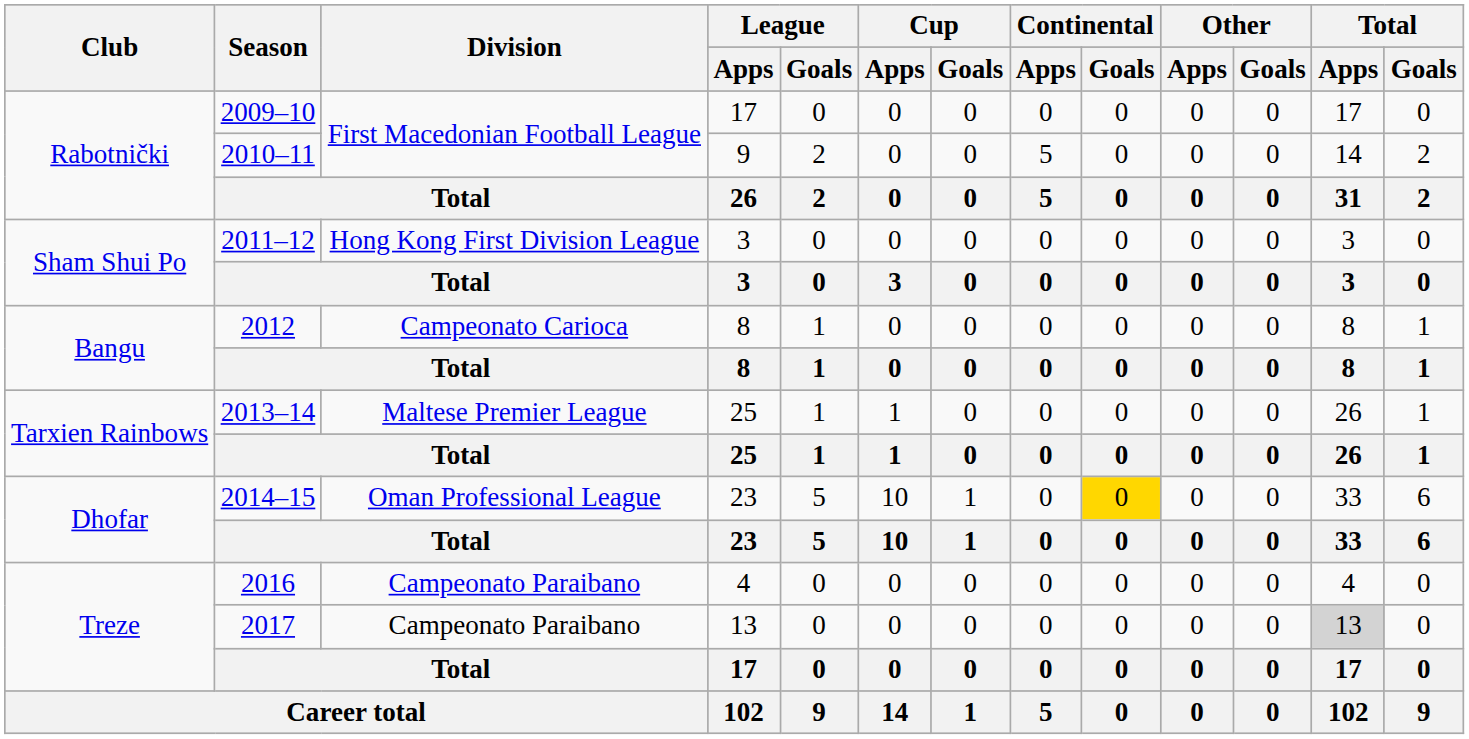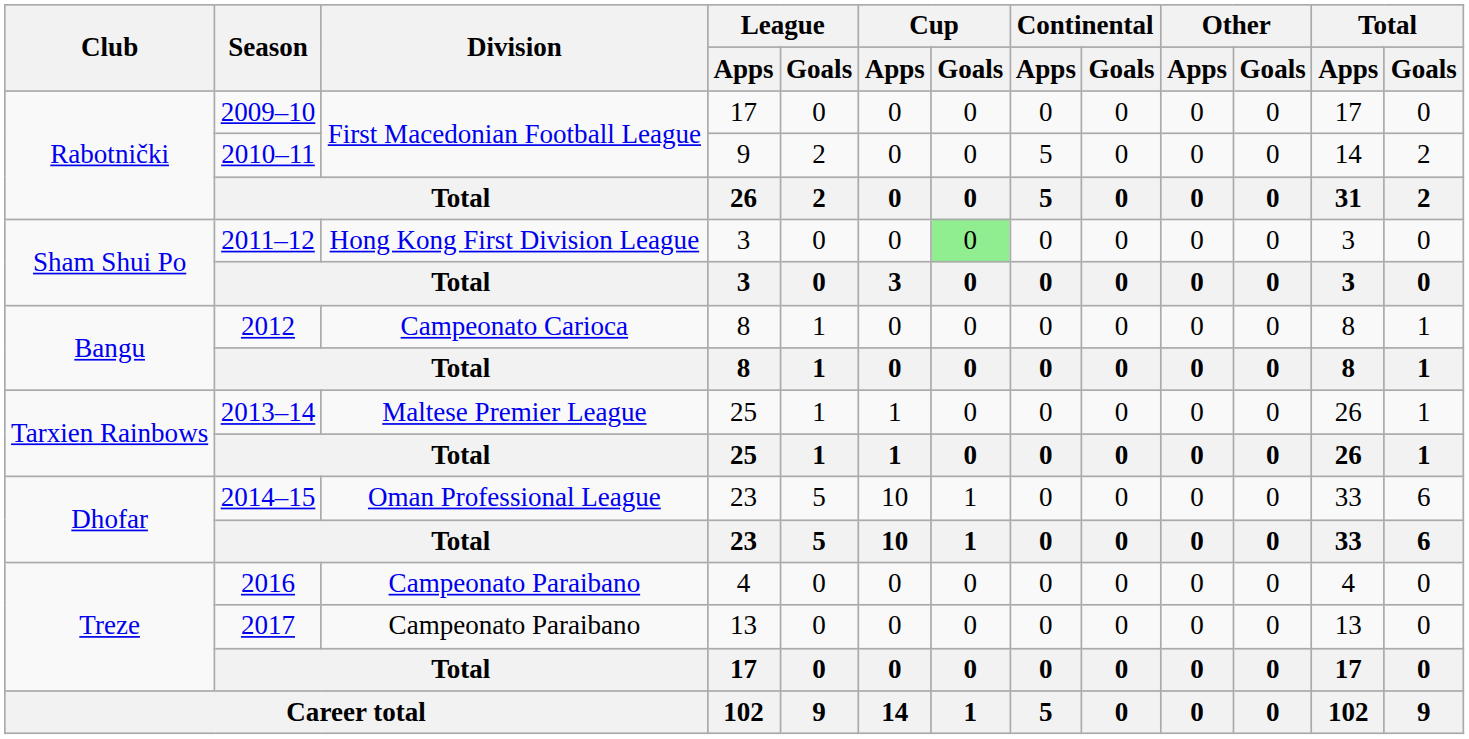 <table class="wikitable" style="text-align: center;">
 <tr>
 <th rowspan="2">Club</th>
 <th rowspan="2">Season</th>
 <th rowspan="2">Division</th>
 <th colspan="2">League</th>
 <th colspan="2">Cup</th>
 <th colspan="2">Continental</th>
 <th colspan="2">Other</th>
 <th colspan="2">Total</th>
 </tr>
 <tr>
 <th>Apps</th>
 <th>Goals</th>
 <th>Apps</th>
 <th>Goals</th>
 <th>Apps</th>
 <th>Goals</th>
 <th>Apps</th>
 <th>Goals</th>
 <th>Apps</th>
 <th>Goals</th>
 </tr>
 <tr>
 <td rowspan="3"><a href='#'>Rabotnički</a></td>
 <td><a href='#'>2009–10</a></td>
 <td rowspan="2"><a href='#'>First Macedonian Football League</a></td>
 <td>17</td>
 <td>0</td>
 <td>0</td>
 <td>0</td>
 <td>0</td>
 <td>0</td>
 <td>0</td>
 <td>0</td>
 <td>17</td>
 <td>0</td>
 </tr>
 <tr>
 <td><a href='#'>2010–11</a></td>
 <td>9</td>
 <td>2</td>
 <td>0</td>
 <td>0</td>
 <td>5</td>
 <td>0</td>
 <td>0</td>
 <td>0</td>
 <td>14</td>
 <td>2</td>
 </tr>
 <tr>
 <th colspan="2">Total</th>
 <th>26</th>
 <th>2</th>
 <th>0</th>
 <th>0</th>
 <th>5</th>
 <th>0</th>
 <th>0</th>
 <th>0</th>
 <th>31</th>
 <th>2</th>
 </tr>
 <tr>
 <td rowspan="2"><a href='#'>Sham Shui Po</a></td>
 <td><a href='#'>2011–12</a></td>
 <td rowspan="1"><a href='#'>Hong Kong First Division League</a></td>
 <td>3</td>
 <td>0</td>
 <td>0</td>
-<td>0</td>
+<td style="background: lightgreen;">0</td>
 <td>0</td>
 <td>0</td>
 <td>0</td>
 <td>0</td>
 <td>3</td>
 <td>0</td>
 </tr>
 <tr>
 <th colspan="2">Total</th>
 <th>3</th>
 <th>0</th>
 <th>3</th>
 <th>0</th>
 <th>0</th>
 <th>0</th>
 <th>0</th>
 <th>0</th>
 <th>3</th>
 <th>0</th>
 </tr>
 <tr>
 <td rowspan="2"><a href='#'>Bangu</a></td>
 <td><a href='#'>2012</a></td>
 <td rowspan="1"><a href='#'>Campeonato Carioca</a></td>
 <td>8</td>
 <td>1</td>
 <td>0</td>
 <td>0</td>
 <td>0</td>
 <td>0</td>
 <td>0</td>
 <td>0</td>
 <td>8</td>
 <td>1</td>
 </tr>
 <tr>
 <th colspan="2">Total</th>
 <th>8</th>
 <th>1</th>
 <th>0</th>
 <th>0</th>
 <th>0</th>
 <th>0</th>
 <th>0</th>
 <th>0</th>
 <th>8</th>
 <th>1</th>
 </tr>
 <tr>
 <td rowspan="2"><a href='#'>Tarxien Rainbows</a></td>
 <td><a href='#'>2013–14</a></td>
 <td rowspan="1"><a href='#'>Maltese Premier League</a></td>
 <td>25</td>
 <td>1</td>
 <td>1</td>
 <td>0</td>
 <td>0</td>
 <td>0</td>
 <td>0</td>
 <td>0</td>
 <td>26</td>
 <td>1</td>
 </tr>
 <tr>
 <th colspan="2">Total</th>
 <th>25</th>
 <th>1</th>
 <th>1</th>
 <th>0</th>
 <th>0</th>
 <th>0</th>
 <th>0</th>
 <th>0</th>
 <th>26</th>
 <th>1</th>
 </tr>
 <tr>
 <td rowspan="2"><a href='#'>Dhofar</a></td>
 <td><a href='#'>2014–15</a></td>
 <td rowspan="1"><a href='#'>Oman Professional League</a></td>
 <td>23</td>
 <td>5</td>
 <td>10</td>
 <td>1</td>
 <td>0</td>
-<td style="background: gold;">0</td>
+<td>0</td>
 <td>0</td>
 <td>0</td>
 <td>33</td>
 <td>6</td>
 </tr>
 <tr>
 <th colspan="2">Total</th>
 <th>23</th>
 <th>5</th>
 <th>10</th>
 <th>1</th>
 <th>0</th>
 <th>0</th>
 <th>0</th>
 <th>0</th>
 <th>33</th>
 <th>6</th>
 </tr>
 <tr>
 <td rowspan="3"><a href='#'>Treze</a></td>
 <td><a href='#'>2016</a></td>
 <td><a href='#'>Campeonato Paraibano</a></td>
 <td>4</td>
 <td>0</td>
 <td>0</td>
 <td>0</td>
 <td>0</td>
 <td>0</td>
 <td>0</td>
 <td>0</td>
 <td>4</td>
 <td>0</td>
 </tr>
 <tr>
 <td><a href='#'>2017</a></td>
 <td>Campeonato Paraibano</td>
 <td>13</td>
 <td>0</td>
 <td>0</td>
 <td>0</td>
 <td>0</td>
 <td>0</td>
 <td>0</td>
 <td>0</td>
-<td style="background: lightgrey;">13</td>
+<td>13</td>
 <td>0</td>
 </tr>
 <tr>
 <th colspan="2">Total</th>
 <th>17</th>
 <th>0</th>
 <th>0</th>
 <th>0</th>
 <th>0</th>
 <th>0</th>
 <th>0</th>
 <th>0</th>
 <th>17</th>
 <th>0</th>
 </tr>
 <tr>
 <th colspan="3">Career total</th>
 <th>102</th>
 <th>9</th>
 <th>14</th>
 <th>1</th>
 <th>5</th>
 <th>0</th>
 <th>0</th>
 <th>0</th>
 <th>102</th>
 <th>9</th>
 </tr>
 </table>
